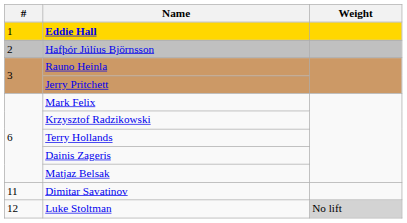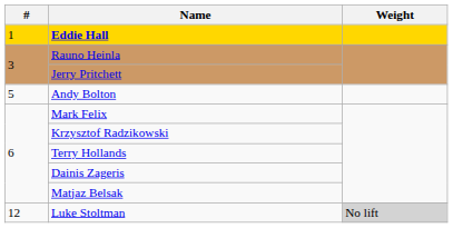 <table class="wikitable" style="display: inline-table;width: 45%;">
 <tr>
 <th>#</th>
 <th>Name</th>
 <th>Weight</th>
 </tr>
 <tr style="background:gold;">
 <td>1</td>
 <td> <strong><a href='#'>Eddie Hall</a></strong></td>
 <td></td>
 </tr>
-<tr style="background:silver;">
-<td>2</td>
-<td> <a href='#'>Hafþór Júlíus Björnsson</a></td>
-<td></td>
-</tr>
 <tr style="background:#c96;">
 <td rowspan="2">3</td>
 <td> <a href='#'>Rauno Heinla</a></td>
 <td rowspan="2"></td>
 </tr>
 <tr style="background:#c96;">
 <td> <a href='#'>Jerry Pritchett</a></td>
+</tr>
+<tr>
+<td>5</td>
+<td> <a href='#'>Andy Bolton</a></td>
+<td></td>
 </tr>
 <tr>
 <td rowspan="5">6</td>
 <td> <a href='#'>Mark Felix</a></td>
 <td rowspan="5"></td>
 </tr>
 <tr>
 <td> <a href='#'>Krzysztof Radzikowski</a></td>
 </tr>
 <tr>
 <td> <a href='#'>Terry Hollands</a></td>
 </tr>
 <tr>
 <td> <a href='#'>Dainis Zageris</a></td>
 </tr>
 <tr>
 <td> <a href='#'>Matjaz Belsak</a></td>
 </tr>
 <tr>
-<td>11</td>
-<td> <a href='#'>Dimitar Savatinov</a></td>
-<td></td>
-</tr>
-<tr>
 <td>12</td>
 <td> <a href='#'>Luke Stoltman</a></td>
 <td style="background: lightgrey;">No lift</td>
 </tr>
 </table>
